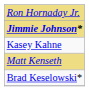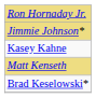 <table class="wikitable" style="float:left;">
 <tr>
 <td style="background:#eedd82"><em><a href='#'>Ron Hornaday Jr.</a></em></td>
 </tr>
 <tr>
-<td style="background:#eedd82"><strong><em><a href='#'>Jimmie Johnson</a>*</em></strong></td>
+<td style="background:#eedd82"><em><a href='#'>Jimmie Johnson</a>*</em></td>
 </tr>
 <tr>
 <td><a href='#'>Kasey Kahne</a></td>
 </tr>
 <tr>
 <td style="background:#eedd82"><em><a href='#'>Matt Kenseth</a></em></td>
 </tr>
 <tr>
 <td><a href='#'>Brad Keselowski</a>*</td>
 </tr>
 <tr>
 </tr>
 </table>
